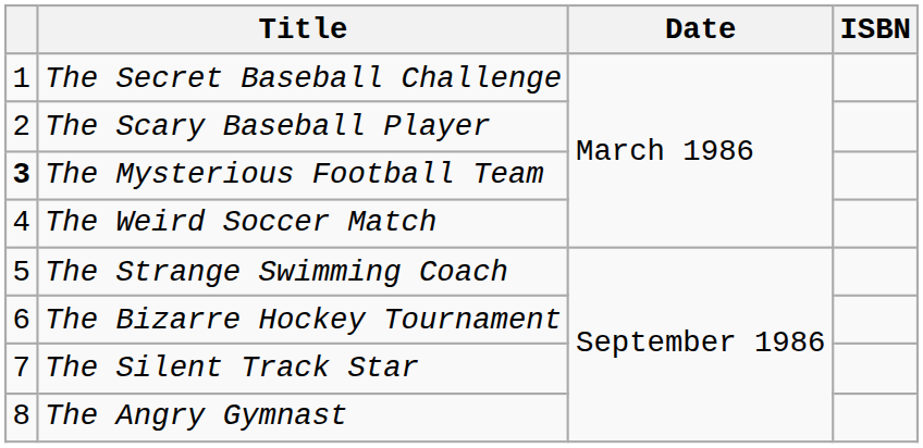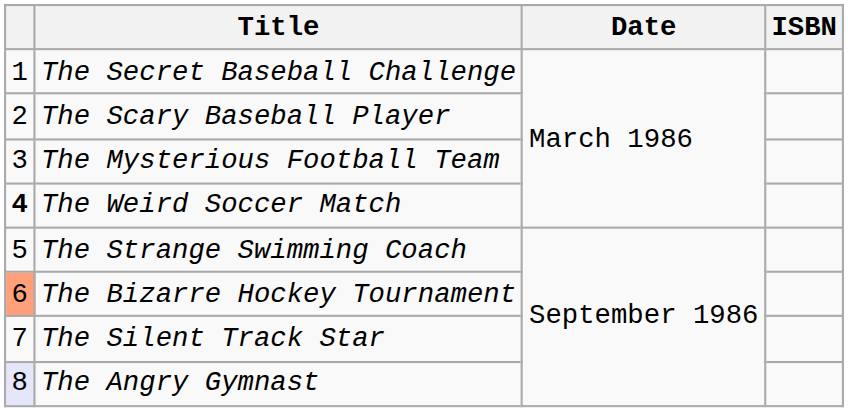 <table class="wikitable">
 <tr>
 <th></th>
 <th>Title</th>
 <th>Date</th>
 <th>ISBN</th>
 </tr>
 <tr>
 <td>1</td>
 <td><em>The Secret Baseball Challenge</em></td>
 <td rowspan="4">March 1986</td>
 <td></td>
 </tr>
 <tr>
 <td>2</td>
 <td><em>The Scary Baseball Player</em></td>
 <td></td>
 </tr>
 <tr>
-<td><strong>3</strong></td>
+<td>3</td>
 <td><em>The Mysterious Football Team</em></td>
 <td></td>
 </tr>
 <tr>
-<td>4</td>
+<td><strong>4</strong></td>
 <td><em>The Weird Soccer Match</em></td>
 <td></td>
 </tr>
 <tr>
 <td>5</td>
 <td><em>The Strange Swimming Coach</em></td>
 <td rowspan="4">September 1986</td>
 <td></td>
 </tr>
 <tr>
-<td>6</td>
+<td style="background: lightsalmon;">6</td>
 <td><em>The Bizarre Hockey Tournament</em></td>
 <td></td>
 </tr>
 <tr>
 <td>7</td>
 <td><em>The Silent Track Star</em></td>
 <td></td>
 </tr>
 <tr>
-<td>8</td>
+<td style="background: lavender;">8</td>
 <td><em>The Angry Gymnast</em></td>
 <td></td>
 </tr>
 </table>
